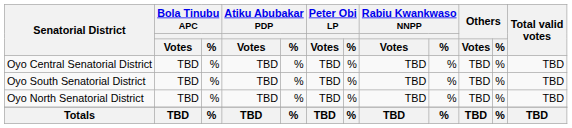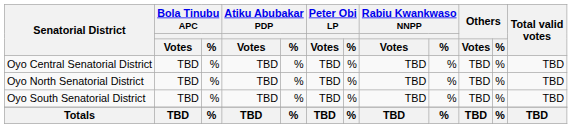 <table class="wikitable sortable" style="text-align:right; font-size:90%">
 <tr>
 <th rowspan="3" style="max-width:7.5em;">Senatorial District</th>
 <th colspan="2"><a href='#'>Bola Tinubu</a><br><small>APC</small></th>
 <th colspan="2"><a href='#'>Atiku Abubakar</a><br><small>PDP</small></th>
 <th colspan="2"><a href='#'>Peter Obi</a><br><small>LP</small></th>
 <th colspan="2"><a href='#'>Rabiu Kwankwaso</a><br><small>NNPP</small></th>
 <th colspan="2" rowspan="2">Others</th>
 <th rowspan="3" style="max-width:5em;">Total valid votes</th>
 </tr>
 <tr>
 <th colspan=2 style="background-color:"></th>
 <th colspan=2 style="background-color:"></th>
 <th colspan=2 style="background-color:"></th>
 <th colspan=2 style="background-color:"></th>
 </tr>
 <tr>
 <th>Votes</th>
 <th>%</th>
 <th>Votes</th>
 <th>%</th>
 <th>Votes</th>
 <th>%</th>
 <th>Votes</th>
 <th>%</th>
 <th>Votes</th>
 <th>%</th>
 </tr>
 <tr style="background-color:#">
 <td style="text-align:left;">Oyo Central Senatorial District</td>
 <td>TBD</td>
 <td>%</td>
 <td>TBD</td>
 <td>%</td>
 <td>TBD</td>
 <td>%</td>
 <td>TBD</td>
 <td>%</td>
 <td>TBD</td>
 <td>%</td>
 <td>TBD</td>
 </tr>
 <tr style="background-color:#">
-<td style="text-align:left;">Oyo South Senatorial District</td>
+<td style="text-align:left;">Oyo North Senatorial District</td>
 <td>TBD</td>
 <td>%</td>
 <td>TBD</td>
 <td>%</td>
 <td>TBD</td>
 <td>%</td>
 <td>TBD</td>
 <td>%</td>
 <td>TBD</td>
 <td>%</td>
 <td>TBD</td>
 </tr>
 <tr style="background-color:#">
-<td style="text-align:left;">Oyo North Senatorial District</td>
+<td style="text-align:left;">Oyo South Senatorial District</td>
 <td>TBD</td>
 <td>%</td>
 <td>TBD</td>
 <td>%</td>
 <td>TBD</td>
 <td>%</td>
 <td>TBD</td>
 <td>%</td>
 <td>TBD</td>
 <td>%</td>
 <td>TBD</td>
 </tr>
 <tr>
 </tr>
 <tr>
 <th>Totals</th>
 <th>TBD</th>
 <th>%</th>
 <th>TBD</th>
 <th>%</th>
 <th>TBD</th>
 <th>%</th>
 <th>TBD</th>
 <th>%</th>
 <th>TBD</th>
 <th>%</th>
 <th>TBD</th>
 </tr>
 </table>
